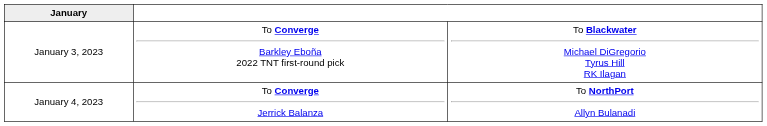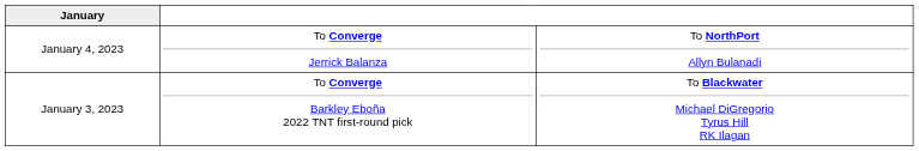 <table border=1 style="border-collapse:collapse; text-align: center; width: 100%" bordercolor="#000000"  cellpadding="5">
 <tr bgcolor="eeeeee">
 <th>January</th>
+</tr>
+<tr>
+<td style="width:12%">January 4, 2023</td>
+<td style="width:29.3%" valign="top">To <strong><a href='#'>Converge</a></strong><hr><a href='#'>Jerrick Balanza</a></td>
+<td style="width:29.3%" valign="top">To <strong><a href='#'>NorthPort</a></strong><hr><a href='#'>Allyn Bulanadi</a></td>
 </tr>
 <tr>
 <td style="width:12%">January 3, 2023</td>
 <td style="width:29.3%" valign="top">To <strong><a href='#'>Converge</a></strong><hr><a href='#'>Barkley Eboña</a><br>2022 TNT first-round pick</td>
 <td style="width:29.3%" valign="top">To <strong><a href='#'>Blackwater</a></strong><hr><a href='#'>Michael DiGregorio</a><br><a href='#'>Tyrus Hill</a><br><a href='#'>RK Ilagan</a></td>
 </tr>
-<tr>
-<td style="width:12%">January 4, 2023</td>
-<td style="width:29.3%" valign="top">To <strong><a href='#'>Converge</a></strong><hr><a href='#'>Jerrick Balanza</a></td>
-<td style="width:29.3%" valign="top">To <strong><a href='#'>NorthPort</a></strong><hr><a href='#'>Allyn Bulanadi</a></td>
-</tr>
 </table>
